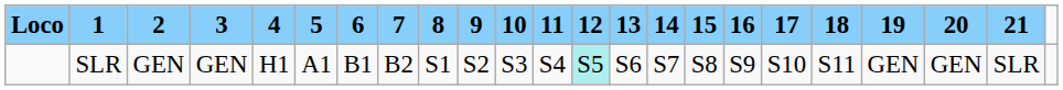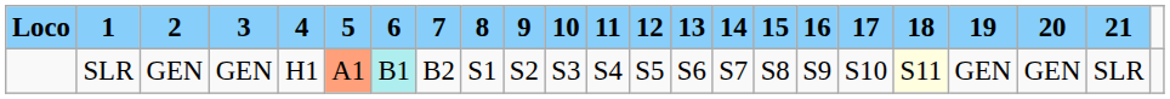 <table class="wikitable plainrowheaders unsortable" style="text-align:center">
 <tr>
 <th scope="col" rowspan="1" style="background:lightskyblue;">Loco</th>
 <th scope="col" rowspan="1" style="background:lightskyblue;">1</th>
 <th scope="col" rowspan="1" style="background:lightskyblue;">2</th>
 <th scope="col" rowspan="1" style="background:lightskyblue;">3</th>
 <th scope="col" rowspan="1" style="background:lightskyblue;">4</th>
 <th scope="col" rowspan="1" style="background:lightskyblue;">5</th>
 <th scope="col" rowspan="1" style="background:lightskyblue;">6</th>
 <th scope="col" rowspan="1" style="background:lightskyblue;">7</th>
 <th scope="col" rowspan="1" style="background:lightskyblue;">8</th>
 <th scope="col" rowspan="1" style="background:lightskyblue;">9</th>
 <th scope="col" rowspan="1" style="background:lightskyblue;">10</th>
 <th scope="col" rowspan="1" style="background:lightskyblue;">11</th>
 <th scope="col" rowspan="1" style="background:lightskyblue;">12</th>
 <th scope="col" rowspan="1" style="background:lightskyblue;">13</th>
 <th scope="col" rowspan="1" style="background:lightskyblue;">14</th>
 <th scope="col" rowspan="1" style="background:lightskyblue;">15</th>
 <th scope="col" rowspan="1" style="background:lightskyblue;">16</th>
 <th scope="col" rowspan="1" style="background:lightskyblue;">17</th>
 <th scope="col" rowspan="1" style="background:lightskyblue;">18</th>
 <th scope="col" rowspan="1" style="background:lightskyblue;">19</th>
 <th scope="col" rowspan="1" style="background:lightskyblue;">20</th>
 <th scope="col" rowspan="1" style="background:lightskyblue;">21</th>
 </tr>
 <tr>
 <td></td>
 <td>SLR</td>
 <td>GEN</td>
 <td>GEN</td>
 <td>H1</td>
-<td>A1</td>
-<td>B1</td>
+<td style="background: lightsalmon;">A1</td>
+<td style="background: paleturquoise;">B1</td>
 <td>B2</td>
 <td>S1</td>
 <td>S2</td>
 <td>S3</td>
 <td>S4</td>
-<td style="background: paleturquoise;">S5</td>
+<td>S5</td>
 <td>S6</td>
 <td>S7</td>
 <td>S8</td>
 <td>S9</td>
 <td>S10</td>
-<td>S11</td>
+<td style="background: lightyellow;">S11</td>
 <td>GEN</td>
 <td>GEN</td>
 <td>SLR</td>
 <td></td>
 </tr>
 </table>
